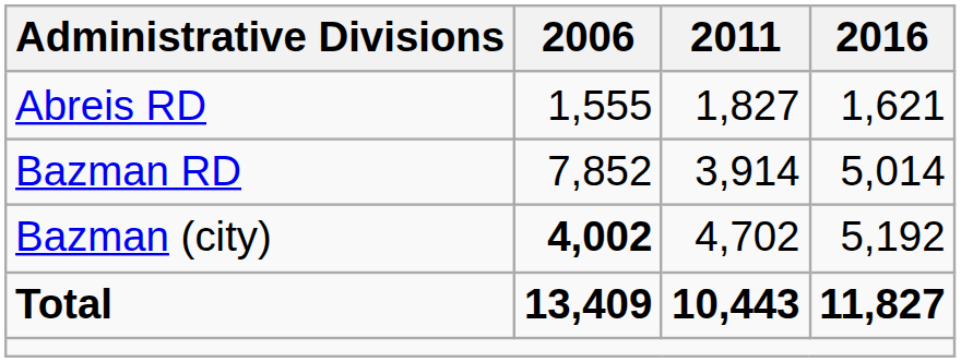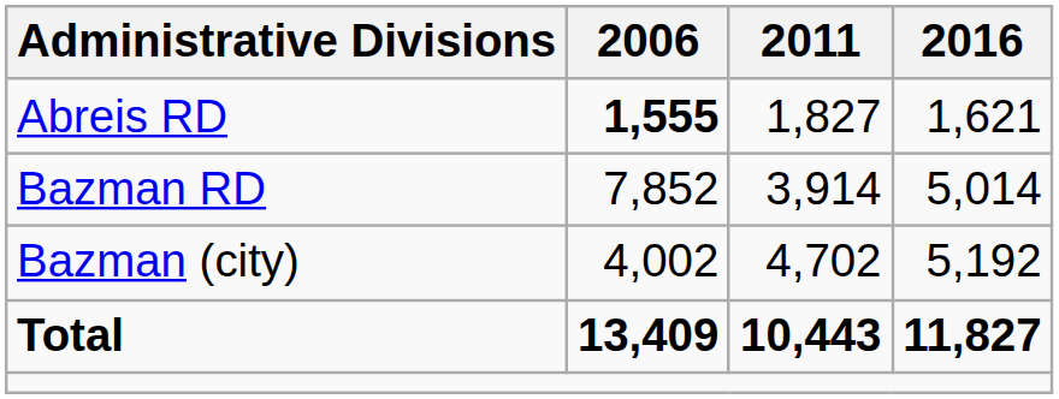 <table class="wikitable">
 <tr>
 <th>Administrative Divisions</th>
 <th>2006</th>
 <th>2011</th>
 <th>2016</th>
 </tr>
 <tr>
 <td><a href='#'>Abreis RD</a></td>
-<td style="text-align: right;">1,555</td>
+<td style="text-align: right;"><strong>1,555</strong></td>
 <td style="text-align: right;">1,827</td>
 <td style="text-align: right;">1,621</td>
 </tr>
 <tr>
 <td><a href='#'>Bazman RD</a></td>
 <td style="text-align: right;">7,852</td>
 <td style="text-align: right;">3,914</td>
 <td style="text-align: right;">5,014</td>
 </tr>
 <tr>
 <td><a href='#'>Bazman</a> (city)</td>
-<td style="text-align: right;"><strong>4,002</strong></td>
+<td style="text-align: right;">4,002</td>
 <td style="text-align: right;">4,702</td>
 <td style="text-align: right;">5,192</td>
 </tr>
 <tr>
 <td><strong>Total</strong></td>
 <td style="text-align: right;"><strong>13,409</strong></td>
 <td style="text-align: right;"><strong>10,443</strong></td>
 <td style="text-align: right;"><strong>11,827</strong></td>
 </tr>
 <tr>
 <td colspan=4></td>
 </tr>
 </table>
